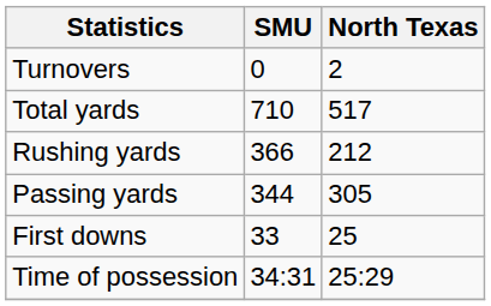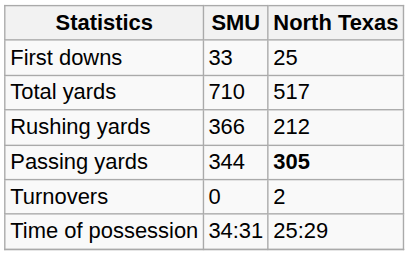 <table class="wikitable" style="float: right;">
 <tr>
 <th>Statistics</th>
 <th>SMU</th>
 <th>North Texas</th>
 </tr>
 <tr>
-<td>Turnovers</td>
-<td>0</td>
-<td>2</td>
+<td>First downs</td>
+<td>33</td>
+<td>25</td>
 </tr>
 <tr>
 <td>Total yards</td>
 <td>710</td>
 <td>517</td>
 </tr>
 <tr>
 <td>Rushing yards</td>
 <td>366</td>
 <td>212</td>
 </tr>
 <tr>
 <td>Passing yards</td>
 <td>344</td>
-<td>305</td>
+<td><strong>305</strong></td>
 </tr>
 <tr>
-<td>First downs</td>
-<td>33</td>
-<td>25</td>
+<td>Turnovers</td>
+<td>0</td>
+<td>2</td>
 </tr>
 <tr>
 <td>Time of possession</td>
 <td>34:31</td>
 <td>25:29</td>
 </tr>
 <tr>
 </tr>
 </table>
